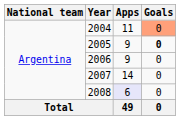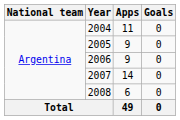 <table class="wikitable" style="text-align:center">
 <tr>
 <th>National team</th>
 <th>Year</th>
 <th>Apps</th>
 <th>Goals</th>
 </tr>
 <tr>
 <td rowspan="5"><a href='#'>Argentina</a></td>
 <td>2004</td>
 <td>11</td>
-<td style="background: lightsalmon;">0</td>
+<td>0</td>
 </tr>
 <tr>
 <td>2005</td>
 <td>9</td>
-<td><strong>0</strong></td>
+<td>0</td>
 </tr>
 <tr>
 <td>2006</td>
 <td>9</td>
 <td>0</td>
 </tr>
 <tr>
 <td>2007</td>
 <td>14</td>
 <td>0</td>
 </tr>
 <tr>
 <td>2008</td>
-<td style="background: lavender;">6</td>
+<td>6</td>
 <td>0</td>
 </tr>
 <tr>
 <th colspan="2">Total</th>
 <th>49</th>
 <th>0</th>
 </tr>
 </table>
